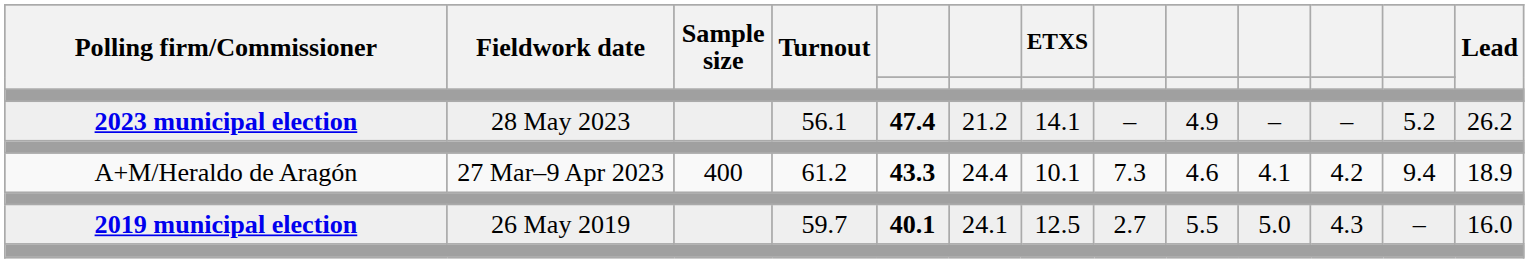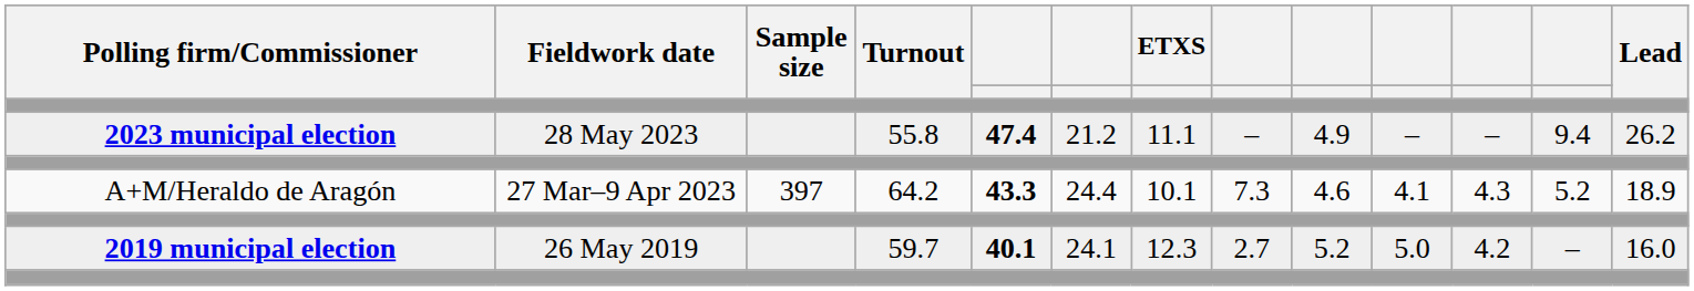 <table class="wikitable collapsible collapsed" style="text-align:center; font-size:95%; line-height:16px;">
 <tr style="height:42px;">
 <th style="width:250px;" rowspan="2">Polling firm/Commissioner</th>
 <th style="width:125px;" rowspan="2">Fieldwork date</th>
 <th style="width:50px;" rowspan="2">Sample size</th>
 <th style="width:45px;" rowspan="2">Turnout</th>
 <th style="width:35px;"></th>
 <th style="width:35px;"></th>
 <th style="width:35px; font-size:90%;">ETXS</th>
 <th style="width:35px;"></th>
 <th style="width:35px;"></th>
 <th style="width:35px;"></th>
 <th style="width:35px;"></th>
 <th style="width:35px;"></th>
 <th style="width:30px;" rowspan="2">Lead</th>
 </tr>
 <tr>
 <th style="color:inherit;background:"></th>
 <th style="color:inherit;background:"></th>
 <th style="color:inherit;background:"></th>
 <th style="color:inherit;background:"></th>
 <th style="color:inherit;background:"></th>
 <th style="color:inherit;background:"></th>
 <th style="color:inherit;background:"></th>
 <th style="color:inherit;background:"></th>
 </tr>
 <tr>
 <td colspan="13" style="background:#A0A0A0"></td>
 </tr>
 <tr style="background:#EFEFEF;">
 <td><strong><a href='#'>2023 municipal election</a></strong></td>
 <td>28 May 2023</td>
 <td></td>
-<td>56.1</td>
+<td>55.8</td>
 <td><strong>47.4</strong><br></td>
 <td>21.2<br></td>
-<td>14.1<br></td>
+<td>11.1<br></td>
 <td>–</td>
 <td>4.9<br></td>
 <td>–</td>
 <td>–</td>
-<td>5.2<br></td>
+<td>9.4<br></td>
 <td style="background:">26.2</td>
 </tr>
 <tr>
 <td colspan="13" style="background:#A0A0A0"></td>
 </tr>
 <tr>
 <td>A+M/Heraldo de Aragón</td>
 <td>27 Mar–9 Apr 2023</td>
-<td>400</td>
-<td>61.2</td>
+<td>397</td>
+<td>64.2</td>
 <td><strong>43.3</strong><br></td>
 <td>24.4<br></td>
 <td>10.1<br></td>
 <td>7.3<br></td>
 <td>4.6<br></td>
 <td>4.1<br></td>
-<td>4.2<br></td>
-<td>9.4<br></td>
+<td>4.3<br></td>
+<td>5.2<br></td>
 <td style="background:">18.9</td>
 </tr>
 <tr>
 <td colspan="13" style="background:#A0A0A0"></td>
 </tr>
 <tr style="background:#EFEFEF;">
 <td><strong><a href='#'>2019 municipal election</a></strong></td>
 <td>26 May 2019</td>
 <td></td>
 <td>59.7</td>
 <td><strong>40.1</strong><br></td>
 <td>24.1<br></td>
-<td>12.5<br></td>
+<td>12.3<br></td>
 <td>2.7<br></td>
-<td>5.5<br></td>
+<td>5.2<br></td>
 <td>5.0<br></td>
-<td>4.3<br></td>
+<td>4.2<br></td>
 <td>–</td>
 <td style="background:">16.0</td>
 </tr>
 <tr>
 <td colspan="13" style="background:#A0A0A0"></td>
 </tr>
 </table>
